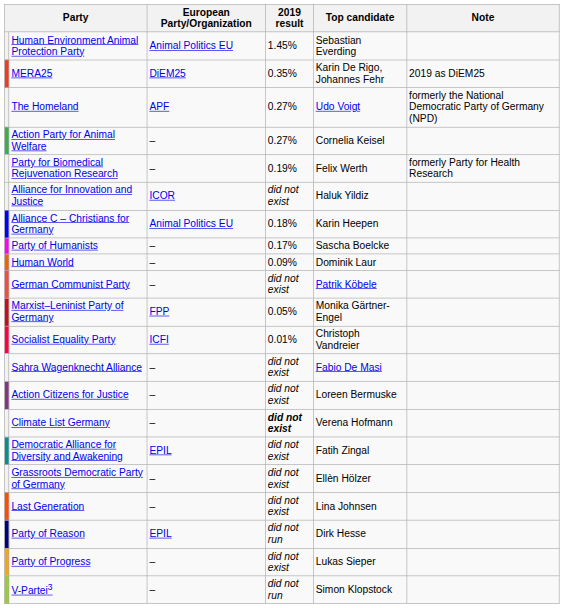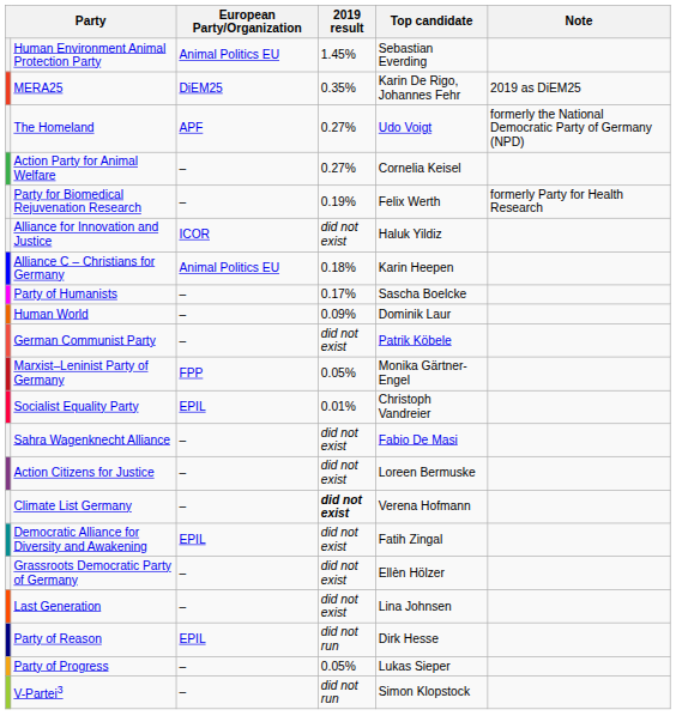 <table class="wikitable sortable">
 <tr>
 <th colspan="2">Party</th>
 <th>European Party/Organization</th>
 <th>2019 result</th>
 <th>Top candidate</th>
 <th>Note</th>
 </tr>
 <tr>
 <th style="background:"></th>
 <td><a href='#'>Human Environment Animal Protection Party</a></td>
 <td><a href='#'>Animal Politics EU</a></td>
 <td>1.45%</td>
 <td>Sebastian Everding</td>
 <td></td>
 </tr>
 <tr>
 <th style="background:#EF3C1F;"></th>
 <td><a href='#'>MERA25</a></td>
 <td><a href='#'>DiEM25</a></td>
 <td>0.35%</td>
 <td>Karin De Rigo, Johannes Fehr</td>
 <td>2019 as DiEM25</td>
 </tr>
 <tr>
 <th style="background-color: "></th>
 <td><a href='#'>The Homeland</a></td>
 <td><a href='#'>APF</a></td>
 <td>0.27%</td>
 <td><a href='#'>Udo Voigt</a></td>
 <td>formerly the National Democratic Party of Germany (NPD)</td>
 </tr>
 <tr>
 <th style="background-color: #3AAF4A"></th>
 <td><a href='#'>Action Party for Animal Welfare</a></td>
 <td>–</td>
 <td>0.27%</td>
 <td>Cornelia Keisel</td>
 <td></td>
 </tr>
 <tr>
 <th style="background-color: "></th>
 <td><a href='#'>Party for Biomedical Rejuvenation Research</a></td>
 <td>–</td>
 <td>0.19%</td>
 <td>Felix Werth</td>
 <td>formerly Party for Health Research</td>
 </tr>
 <tr>
 <th style="background-color: "></th>
 <td><a href='#'>Alliance for Innovation and Justice</a></td>
 <td><a href='#'>ICOR</a></td>
 <td><em>did not exist</em></td>
 <td>Haluk Yildiz</td>
 <td></td>
 </tr>
 <tr>
 <th style="background-color: #0000FF"></th>
 <td><a href='#'>Alliance C – Christians for Germany</a></td>
 <td><a href='#'>Animal Politics EU</a></td>
 <td>0.18%</td>
 <td>Karin Heepen</td>
 <td></td>
 </tr>
 <tr>
 <th style="background:#FF00FF;"></th>
 <td><a href='#'>Party of Humanists</a></td>
 <td>–</td>
 <td>0.17%</td>
 <td>Sascha Boelcke</td>
 <td></td>
 </tr>
 <tr>
 <th style="background:#EE6600;"></th>
 <td><a href='#'>Human World</a></td>
 <td>–</td>
 <td>0.09%</td>
 <td>Dominik Laur</td>
 <td></td>
 </tr>
 <tr>
 <th style="background:#F24E40;"></th>
 <td><a href='#'>German Communist Party</a></td>
 <td>–</td>
 <td><em>did not exist</em></td>
 <td><a href='#'>Patrik Köbele</a></td>
 <td></td>
 </tr>
 <tr>
 <th style="background:#C1121C;"></th>
 <td><a href='#'>Marxist–Leninist Party of Germany</a></td>
 <td><a href='#'>FPP</a></td>
 <td>0.05%</td>
 <td>Monika Gärtner-Engel</td>
 <td></td>
 </tr>
 <tr>
 <th style="background:#FF0040;"></th>
 <td><a href='#'>Socialist Equality Party</a></td>
-<td><a href='#'>ICFI</a></td>
+<td><a href='#'>EPIL</a></td>
 <td>0.01%</td>
 <td>Christoph Vandreier</td>
 <td></td>
 </tr>
 <tr>
 <th style="background-color: "></th>
 <td><a href='#'>Sahra Wagenknecht Alliance</a></td>
 <td>–</td>
 <td><em>did not exist</em></td>
 <td><a href='#'>Fabio De Masi</a></td>
 <td></td>
 </tr>
 <tr>
 <th style="background:#803883;"></th>
 <td><a href='#'>Action Citizens for Justice</a></td>
 <td>–</td>
 <td><em>did not exist</em></td>
 <td>Loreen Bermuske</td>
 <td></td>
 </tr>
 <tr>
 <th style="background:"></th>
 <td><a href='#'>Climate List Germany</a></td>
 <td>–</td>
 <td><strong><em>did not exist</em></strong></td>
 <td>Verena Hofmann</td>
 <td></td>
 </tr>
 <tr>
 <th style="background:#068E91;"></th>
 <td><a href='#'>Democratic Alliance for Diversity and Awakening</a></td>
 <td><a href='#'>EPIL</a></td>
 <td><em>did not exist</em></td>
 <td>Fatih Zingal</td>
 <td></td>
 </tr>
 <tr>
 <th style="background:"></th>
 <td><a href='#'>Grassroots Democratic Party of Germany</a></td>
 <td>–</td>
 <td><em>did not exist</em></td>
 <td>Ellèn Hölzer</td>
 <td></td>
 </tr>
 <tr>
 <th style="background:#FE4C00;"></th>
 <td><a href='#'>Last Generation</a></td>
 <td>–</td>
 <td><em>did not exist</em></td>
 <td>Lina Johnsen</td>
 <td></td>
 </tr>
 <tr>
 <th style="background:#000080;"></th>
 <td><a href='#'>Party of Reason</a></td>
 <td><a href='#'>EPIL</a></td>
 <td><em>did not run</em></td>
 <td>Dirk Hesse</td>
 <td></td>
 </tr>
 <tr>
 <th style="background:#f5a612;"></th>
 <td><a href='#'>Party of Progress</a></td>
 <td>–</td>
-<td><em>did not exist</em></td>
+<td>0.05%</td>
 <td>Lukas Sieper</td>
 <td></td>
 </tr>
 <tr>
 <th style="background:yellowgreen;"></th>
 <td><a href='#'>V-Partei<sup>3</sup></a></td>
 <td>–</td>
 <td><em>did not run</em></td>
 <td>Simon Klopstock</td>
 <td></td>
 </tr>
 </table>
